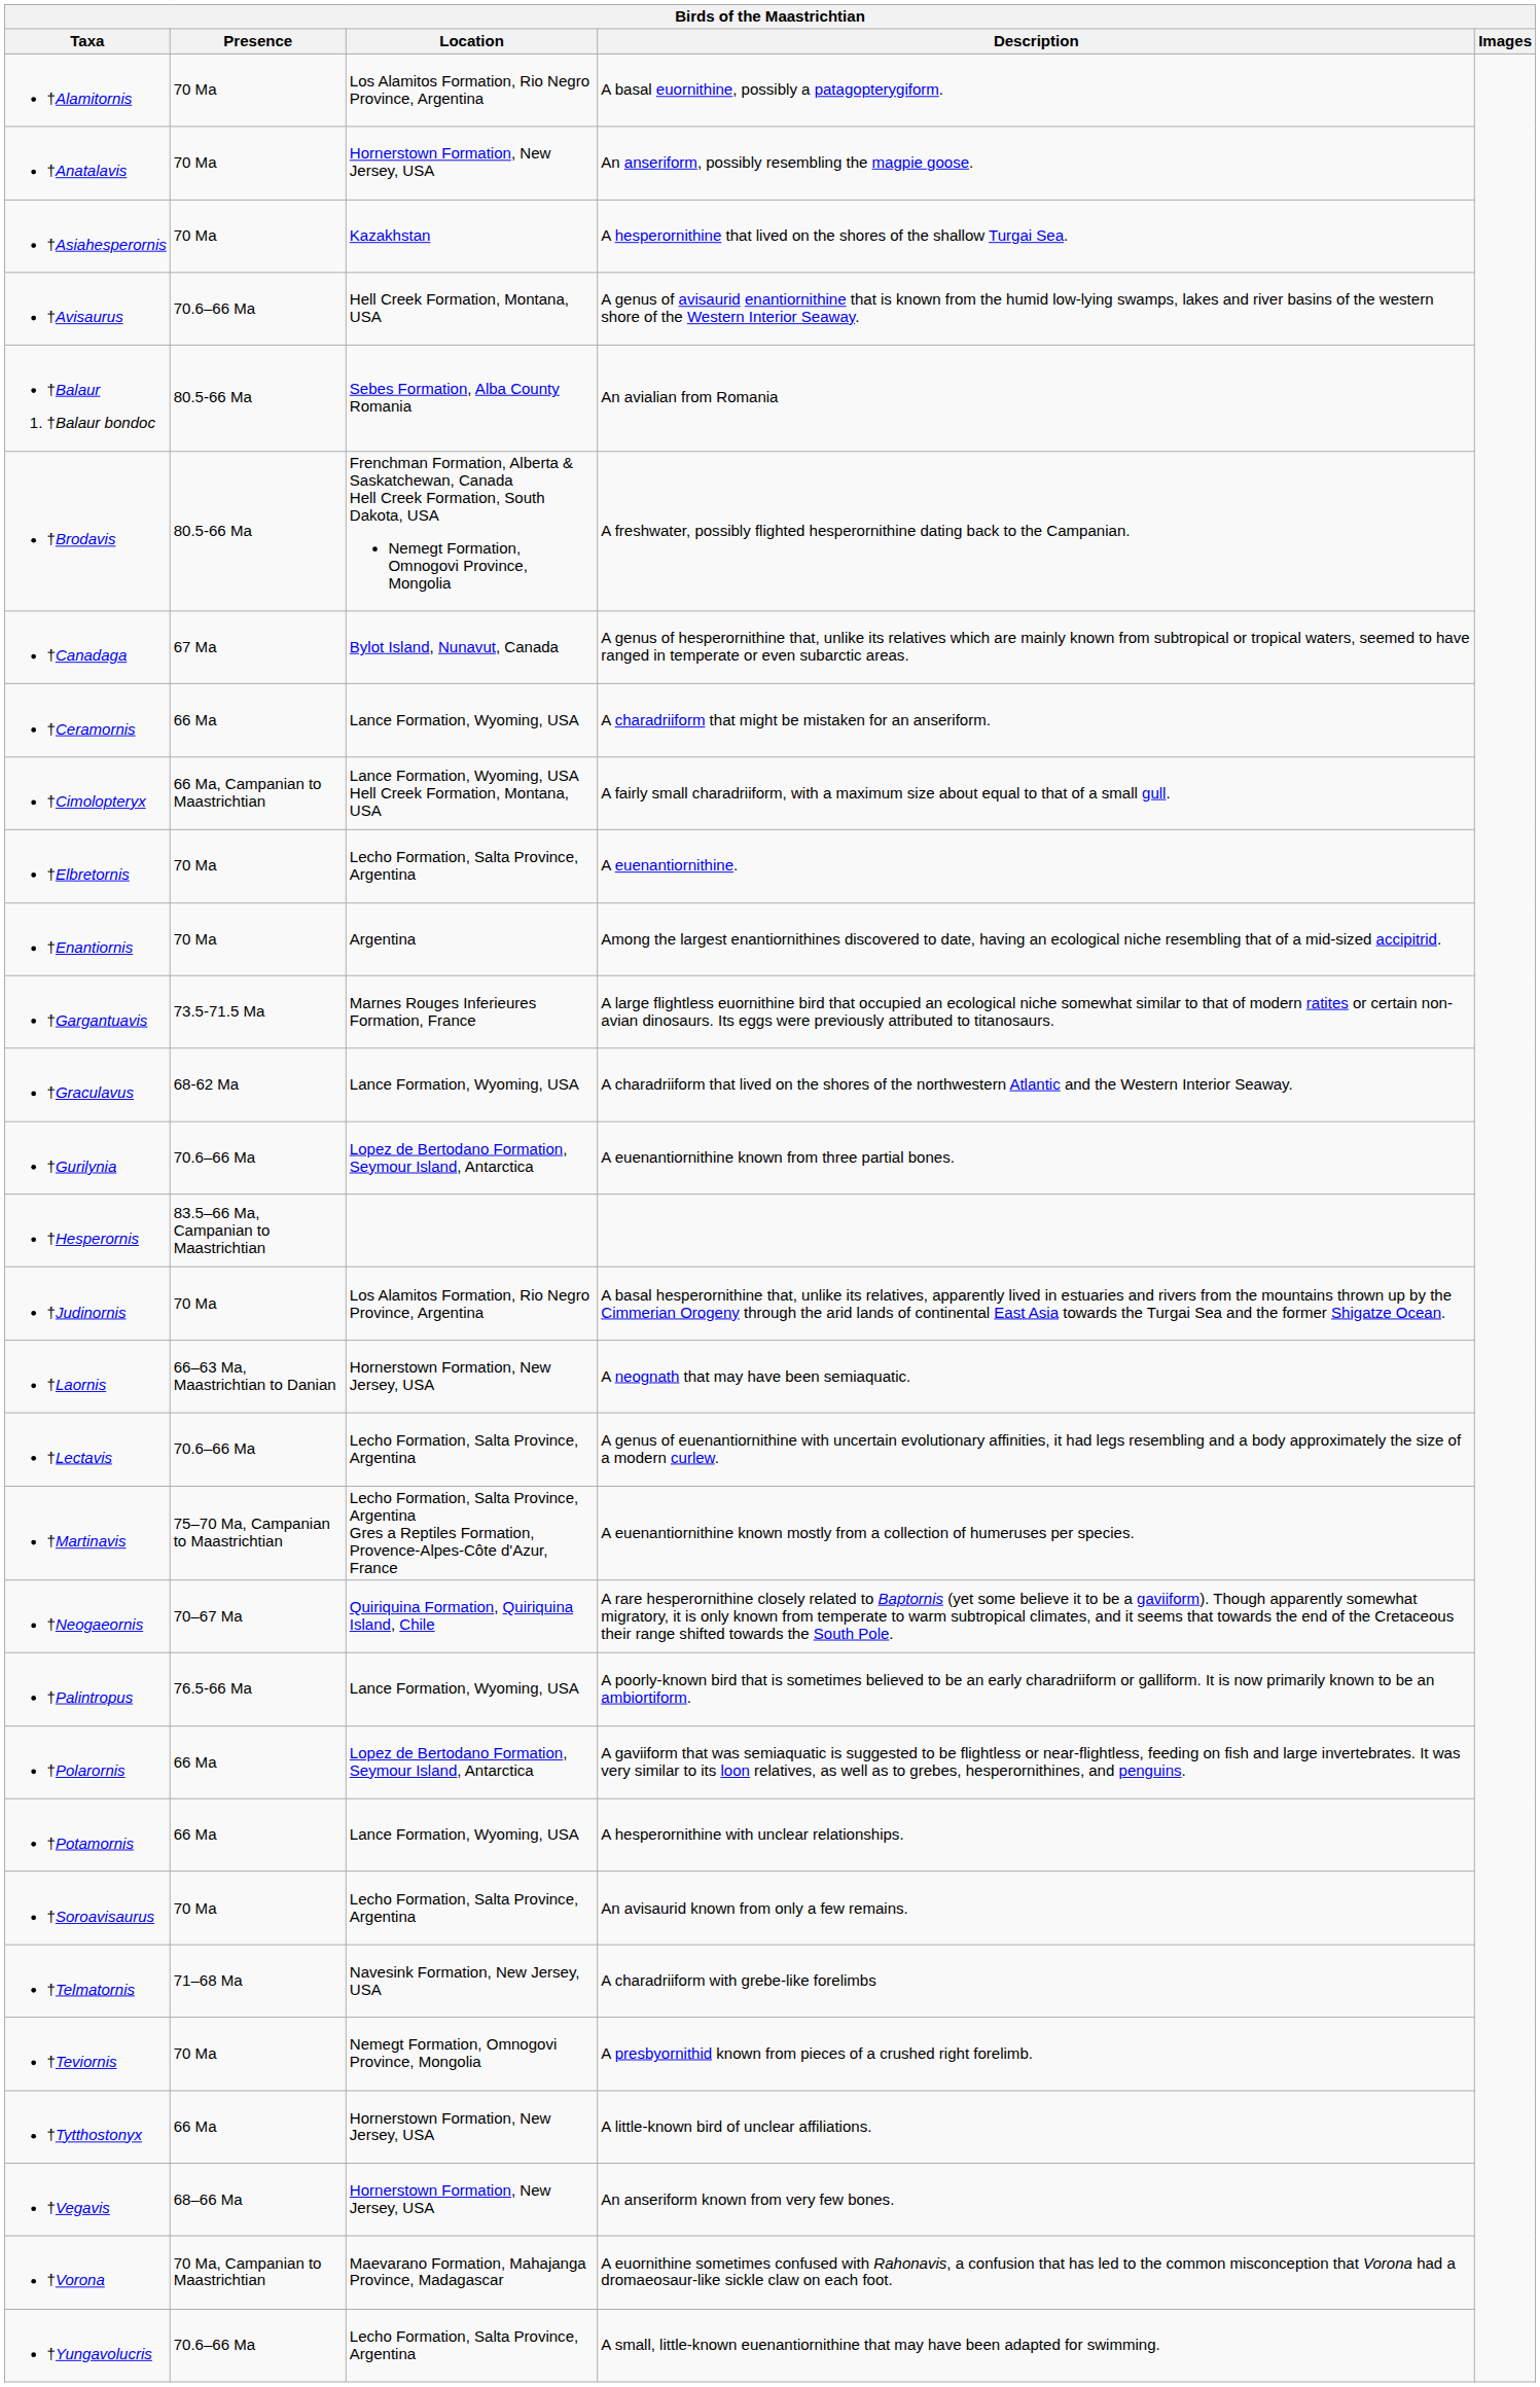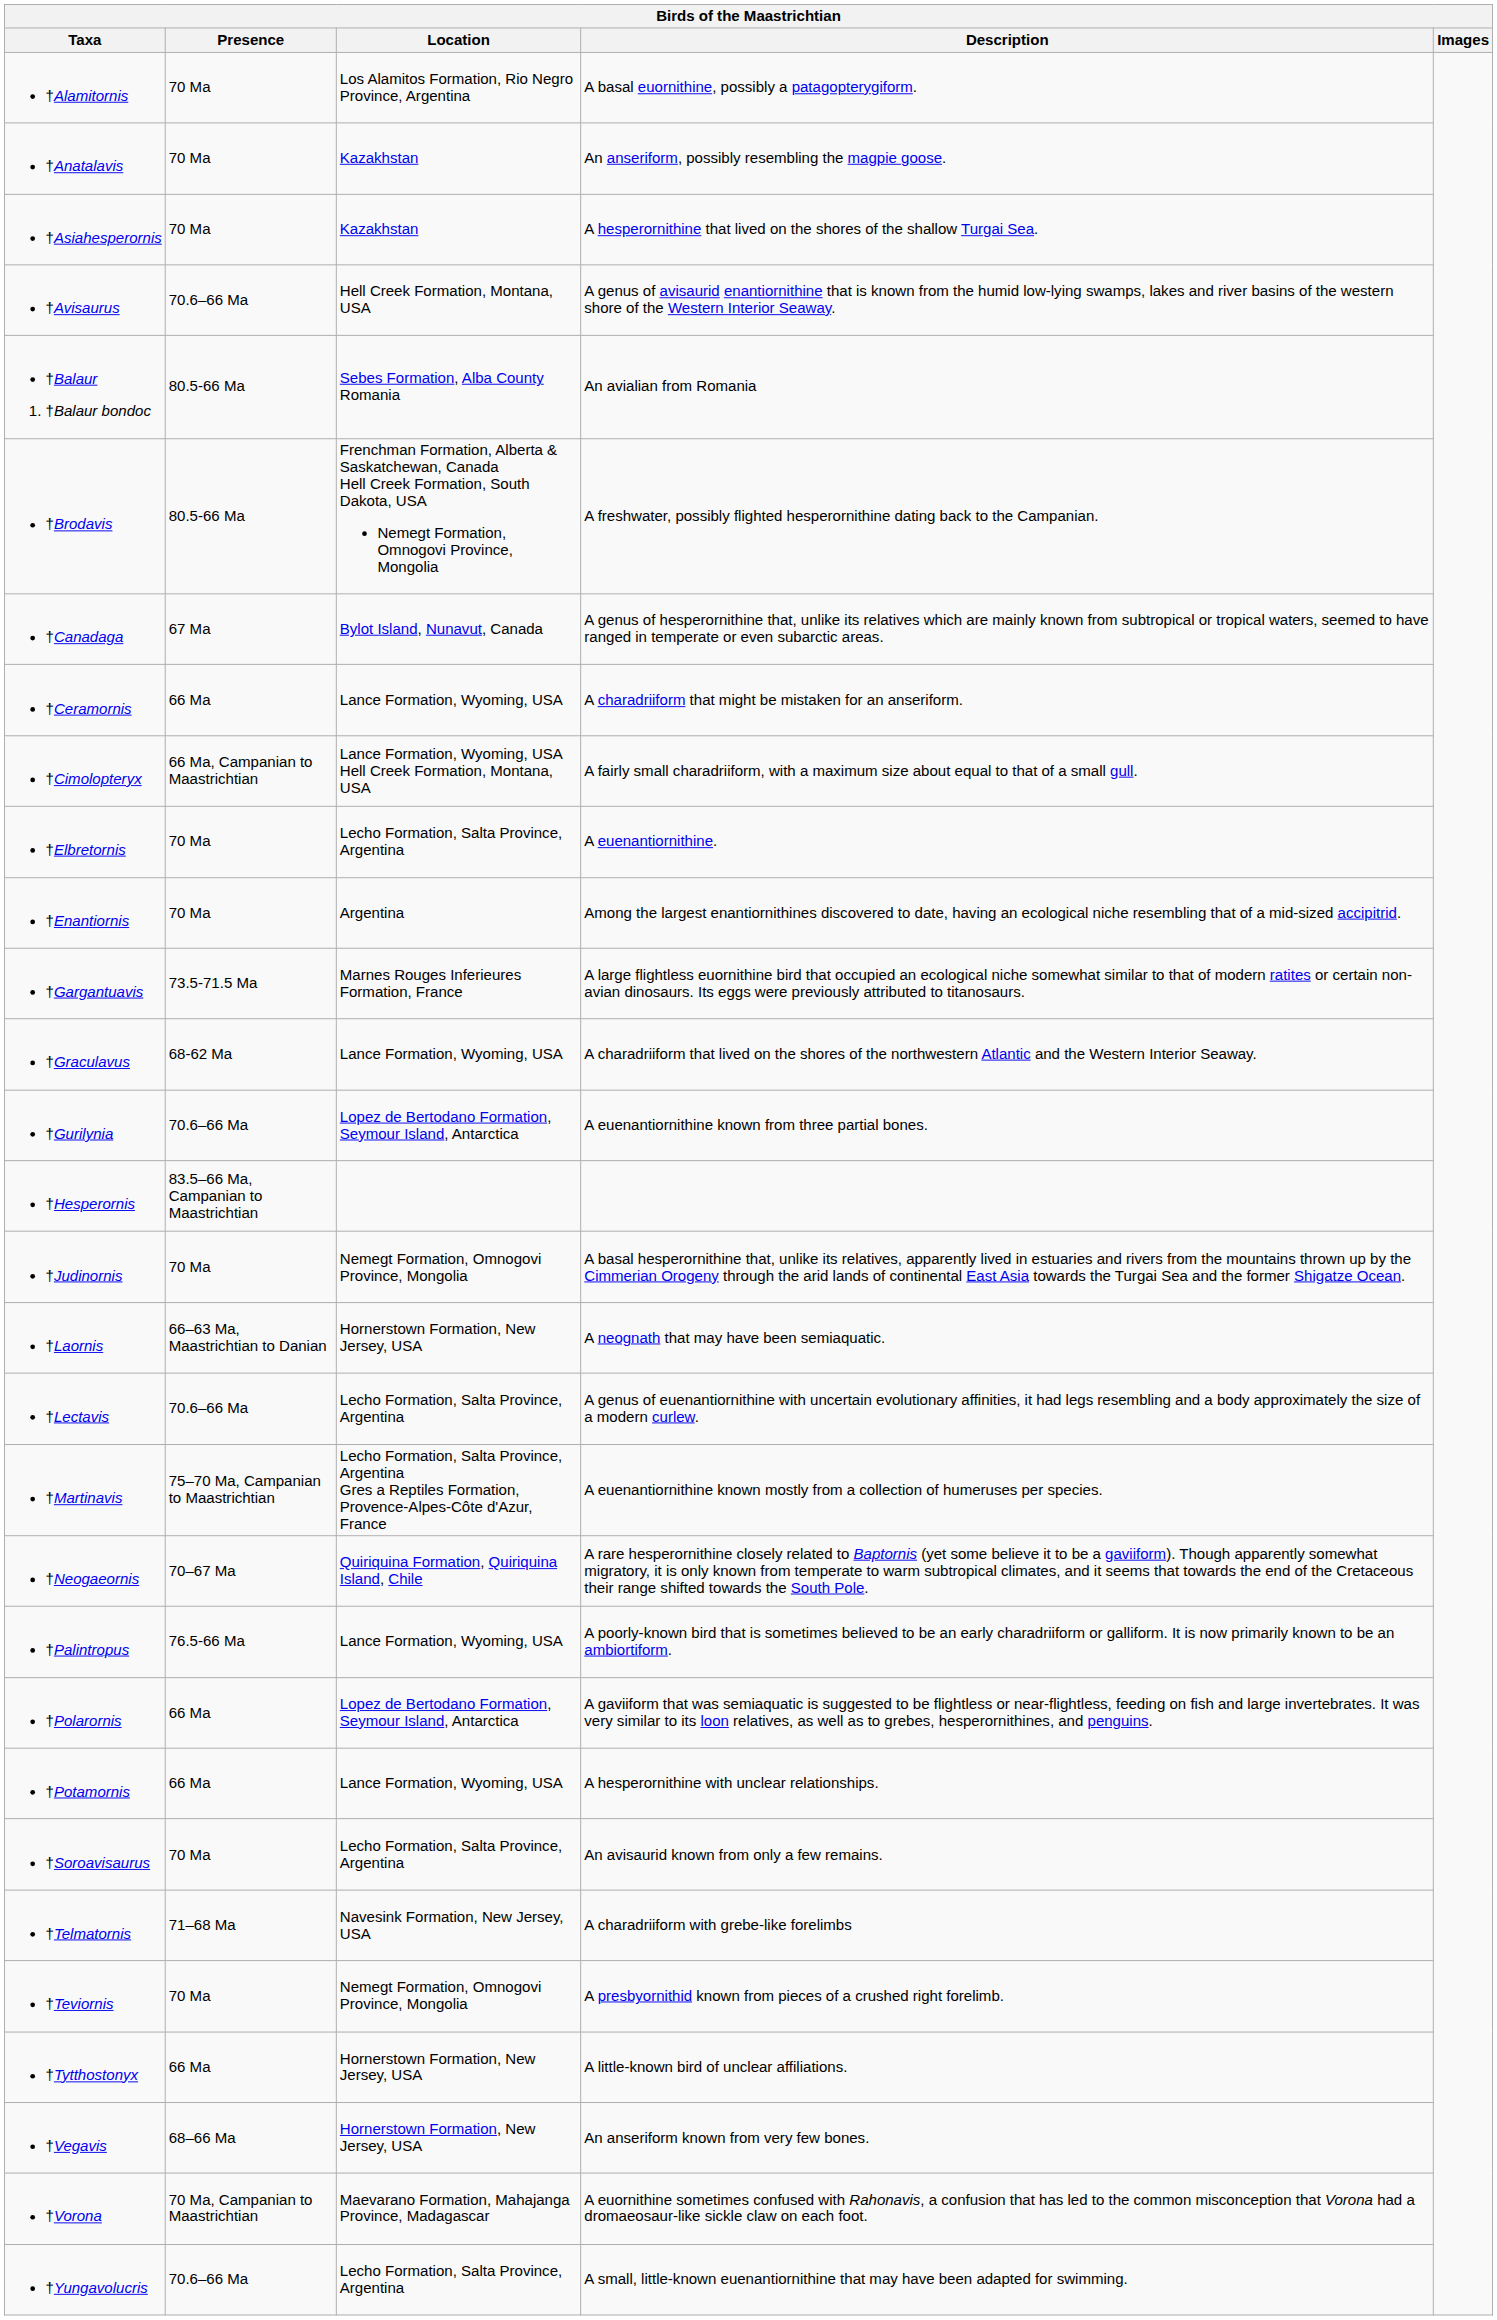 <table class="wikitable" align="center" width="100%">
 <tr>
 <th colspan="5" align="center">Birds of the Maastrichtian</th>
 </tr>
 <tr>
 <th>Taxa</th>
 <th>Presence</th>
 <th>Location</th>
 <th>Description</th>
 <th>Images</th>
 </tr>
 <tr>
 <td><br><ul><li>†<em><a href='#'>Alamitornis</a></em></li></ul></td>
 <td>70 Ma</td>
 <td>Los Alamitos Formation, Rio Negro Province, Argentina</td>
 <td>A basal <a href='#'>euornithine</a>, possibly a <a href='#'>patagopterygiform</a>.</td>
 <td rowspan="99"><br>   </td>
 </tr>
 <tr>
 <td><br><ul><li>†<em><a href='#'>Anatalavis</a></em></li></ul></td>
 <td>70 Ma</td>
-<td><a href='#'>Hornerstown Formation</a>, New Jersey, USA</td>
+<td><a href='#'>Kazakhstan</a></td>
 <td>An <a href='#'>anseriform</a>, possibly resembling the <a href='#'>magpie goose</a>.</td>
 </tr>
 <tr>
 <td><br><ul><li>†<em><a href='#'>Asiahesperornis</a></em></li></ul></td>
 <td>70 Ma</td>
 <td><a href='#'>Kazakhstan</a></td>
 <td>A <a href='#'>hesperornithine</a> that lived on the shores of the shallow <a href='#'>Turgai Sea</a>.</td>
 </tr>
 <tr>
 <td><br><ul><li>†<em><a href='#'>Avisaurus</a></em></li></ul></td>
 <td>70.6–66 Ma</td>
 <td>Hell Creek Formation, Montana, USA</td>
 <td>A genus of <a href='#'>avisaurid</a> <a href='#'>enantiornithine</a> that is known from the humid low-lying swamps, lakes and river basins of the western shore of the <a href='#'>Western Interior Seaway</a>.</td>
 </tr>
 <tr>
 <td><br><ul><li>†<em><a href='#'>Balaur</a></em></li></ul><ol><li>†<em>Balaur bondoc</em></li></ol></td>
 <td>80.5-66 Ma</td>
 <td><a href='#'>Sebes Formation</a>, <a href='#'>Alba County</a> Romania</td>
 <td>An avialian from Romania</td>
 </tr>
 <tr>
 <td><br><ul><li>†<em><a href='#'>Brodavis</a></em></li></ul></td>
 <td>80.5-66 Ma</td>
 <td>Frenchman Formation, Alberta & Saskatchewan, Canada<br>Hell Creek Formation, South Dakota, USA<ul><li>Nemegt Formation, Omnogovi Province, Mongolia</li></ul></td>
 <td>A freshwater, possibly flighted hesperornithine dating back to the Campanian.</td>
 </tr>
 <tr>
 <td><br><ul><li>†<em><a href='#'>Canadaga</a></em></li></ul></td>
 <td>67 Ma</td>
 <td><a href='#'>Bylot Island</a>, <a href='#'>Nunavut</a>, Canada</td>
 <td>A genus of hesperornithine that, unlike its relatives which are mainly known from subtropical or tropical waters, seemed to have ranged in temperate or even subarctic areas.</td>
 </tr>
 <tr>
 <td><br><ul><li>†<em><a href='#'>Ceramornis</a></em></li></ul></td>
 <td>66 Ma</td>
 <td>Lance Formation, Wyoming, USA</td>
 <td>A <a href='#'>charadriiform</a> that might be mistaken for an anseriform.</td>
 </tr>
 <tr>
 <td><br><ul><li>†<em><a href='#'>Cimolopteryx</a></em></li></ul></td>
 <td>66 Ma, Campanian to Maastrichtian</td>
 <td>Lance Formation, Wyoming, USA<br>Hell Creek Formation, Montana, USA</td>
 <td>A fairly small charadriiform, with a maximum size about equal to that of a small <a href='#'>gull</a>.</td>
 </tr>
 <tr>
 <td><br><ul><li>†<em><a href='#'>Elbretornis</a></em></li></ul></td>
 <td>70 Ma</td>
 <td>Lecho Formation, Salta Province, Argentina</td>
 <td>A <a href='#'>euenantiornithine</a>.</td>
 </tr>
 <tr>
 <td><br><ul><li>†<em><a href='#'>Enantiornis</a></em></li></ul></td>
 <td>70 Ma</td>
 <td>Argentina</td>
 <td>Among the largest enantiornithines discovered to date, having an ecological niche resembling that of a mid-sized <a href='#'>accipitrid</a>.</td>
 </tr>
 <tr>
 <td><br><ul><li>†<em><a href='#'>Gargantuavis</a></em></li></ul></td>
 <td>73.5-71.5 Ma</td>
 <td>Marnes Rouges Inferieures Formation, France</td>
 <td>A large flightless euornithine bird that occupied an ecological niche somewhat similar to that of modern <a href='#'>ratites</a> or certain non-avian dinosaurs. Its eggs were previously attributed to titanosaurs.</td>
 </tr>
 <tr>
 <td><br><ul><li>†<em><a href='#'>Graculavus</a></em></li></ul></td>
 <td>68-62 Ma</td>
 <td>Lance Formation, Wyoming, USA</td>
 <td>A charadriiform that lived on the shores of the northwestern <a href='#'>Atlantic</a> and the Western Interior Seaway.</td>
 </tr>
 <tr>
 <td><br><ul><li>†<em><a href='#'>Gurilynia</a></em></li></ul></td>
 <td>70.6–66 Ma</td>
 <td><a href='#'>Lopez de Bertodano Formation</a>, <a href='#'>Seymour Island</a>, Antarctica</td>
 <td>A euenantiornithine known from three partial bones.</td>
 </tr>
 <tr>
 <td><br><ul><li>†<em><a href='#'>Hesperornis</a></em></li></ul></td>
 <td>83.5–66 Ma, Campanian to Maastrichtian</td>
 <td></td>
 <td></td>
 </tr>
 <tr>
 <td><br><ul><li>†<em><a href='#'>Judinornis</a></em></li></ul></td>
 <td>70 Ma</td>
-<td>Los Alamitos Formation, Rio Negro Province, Argentina</td>
+<td>Nemegt Formation, Omnogovi Province, Mongolia</td>
 <td>A basal hesperornithine that, unlike its relatives, apparently lived in estuaries and rivers from the mountains thrown up by the <a href='#'>Cimmerian Orogeny</a> through the arid lands of continental <a href='#'>East Asia</a> towards the Turgai Sea and the former <a href='#'>Shigatze Ocean</a>.</td>
 </tr>
 <tr>
 <td><br><ul><li>†<em><a href='#'>Laornis</a></em></li></ul></td>
 <td>66–63 Ma, Maastrichtian to Danian</td>
 <td>Hornerstown Formation, New Jersey, USA</td>
 <td>A <a href='#'>neognath</a> that may have been semiaquatic.</td>
 </tr>
 <tr>
 <td><br><ul><li>†<em><a href='#'>Lectavis</a></em></li></ul></td>
 <td>70.6–66 Ma</td>
 <td>Lecho Formation, Salta Province, Argentina</td>
 <td>A genus of euenantiornithine with uncertain evolutionary affinities, it had legs resembling and a body approximately the size of a modern <a href='#'>curlew</a>.</td>
 </tr>
 <tr>
 <td><br><ul><li>†<em><a href='#'>Martinavis</a></em></li></ul></td>
 <td>75–70 Ma, Campanian to Maastrichtian</td>
 <td>Lecho Formation, Salta Province, Argentina<br>Gres a Reptiles Formation, Provence-Alpes-Côte d'Azur, France</td>
 <td>A euenantiornithine known mostly from a collection of humeruses per species.</td>
 </tr>
 <tr>
 <td><br><ul><li>†<em><a href='#'>Neogaeornis</a></em></li></ul></td>
 <td>70–67 Ma</td>
 <td><a href='#'>Quiriquina Formation</a>, <a href='#'>Quiriquina Island</a>, <a href='#'>Chile</a></td>
 <td>A rare hesperornithine closely related to <em><a href='#'>Baptornis</a></em> (yet some believe it to be a <a href='#'>gaviiform</a>). Though apparently somewhat migratory, it is only known from temperate to warm subtropical climates, and it seems that towards the end of the Cretaceous their range shifted towards the <a href='#'>South Pole</a>.</td>
 </tr>
 <tr>
 <td><br><ul><li>†<em><a href='#'>Palintropus</a></em></li></ul></td>
 <td>76.5-66 Ma</td>
 <td>Lance Formation, Wyoming, USA</td>
 <td>A poorly-known bird that is sometimes believed to be an early charadriiform or galliform. It is now primarily known to be an <a href='#'>ambiortiform</a>.</td>
 </tr>
 <tr>
 <td><br><ul><li>†<em><a href='#'>Polarornis</a></em></li></ul></td>
 <td>66 Ma</td>
 <td><a href='#'>Lopez de Bertodano Formation</a>, <a href='#'>Seymour Island</a>, Antarctica</td>
 <td>A gaviiform that was semiaquatic is suggested to be flightless or near-flightless, feeding on fish and large invertebrates. It was very similar to its <a href='#'>loon</a> relatives, as well as to grebes, hesperornithines, and <a href='#'>penguins</a>.</td>
 </tr>
 <tr>
 <td><br><ul><li>†<em><a href='#'>Potamornis</a></em></li></ul></td>
 <td>66 Ma</td>
 <td>Lance Formation, Wyoming, USA</td>
 <td>A hesperornithine with unclear relationships.</td>
 </tr>
 <tr>
 <td><br><ul><li>†<em><a href='#'>Soroavisaurus</a></em></li></ul></td>
 <td>70 Ma</td>
 <td>Lecho Formation, Salta Province, Argentina</td>
 <td>An avisaurid known from only a few remains.</td>
 </tr>
 <tr>
 <td><br><ul><li>†<em><a href='#'>Telmatornis</a></em></li></ul></td>
 <td>71–68 Ma</td>
 <td>Navesink Formation, New Jersey, USA</td>
 <td>A charadriiform with grebe-like forelimbs</td>
 </tr>
 <tr>
 <td><br><ul><li>†<em><a href='#'>Teviornis</a></em></li></ul></td>
 <td>70 Ma</td>
 <td>Nemegt Formation, Omnogovi Province, Mongolia</td>
 <td>A <a href='#'>presbyornithid</a> known from pieces of a crushed right forelimb.</td>
 </tr>
 <tr>
 <td><br><ul><li>†<em><a href='#'>Tytthostonyx</a></em></li></ul></td>
 <td>66 Ma</td>
 <td>Hornerstown Formation, New Jersey, USA</td>
 <td>A little-known bird of unclear affiliations.</td>
 </tr>
 <tr>
 <td><br><ul><li>†<em><a href='#'>Vegavis</a></em></li></ul></td>
 <td>68–66 Ma</td>
 <td><a href='#'>Hornerstown Formation</a>, New Jersey, USA</td>
 <td>An anseriform known from very few bones.</td>
 </tr>
 <tr>
 <td><br><ul><li>†<em><a href='#'>Vorona</a></em></li></ul></td>
 <td>70 Ma, Campanian to Maastrichtian</td>
 <td>Maevarano Formation, Mahajanga Province, Madagascar</td>
 <td>A euornithine sometimes confused with <em>Rahonavis</em>, a confusion that has led to the common misconception that <em>Vorona</em> had a dromaeosaur-like sickle claw on each foot.</td>
 </tr>
 <tr>
 <td><br><ul><li>†<em><a href='#'>Yungavolucris</a></em></li></ul></td>
 <td>70.6–66 Ma</td>
 <td>Lecho Formation, Salta Province, Argentina</td>
 <td>A small, little-known euenantiornithine that may have been adapted for swimming.</td>
 </tr>
 </table>
